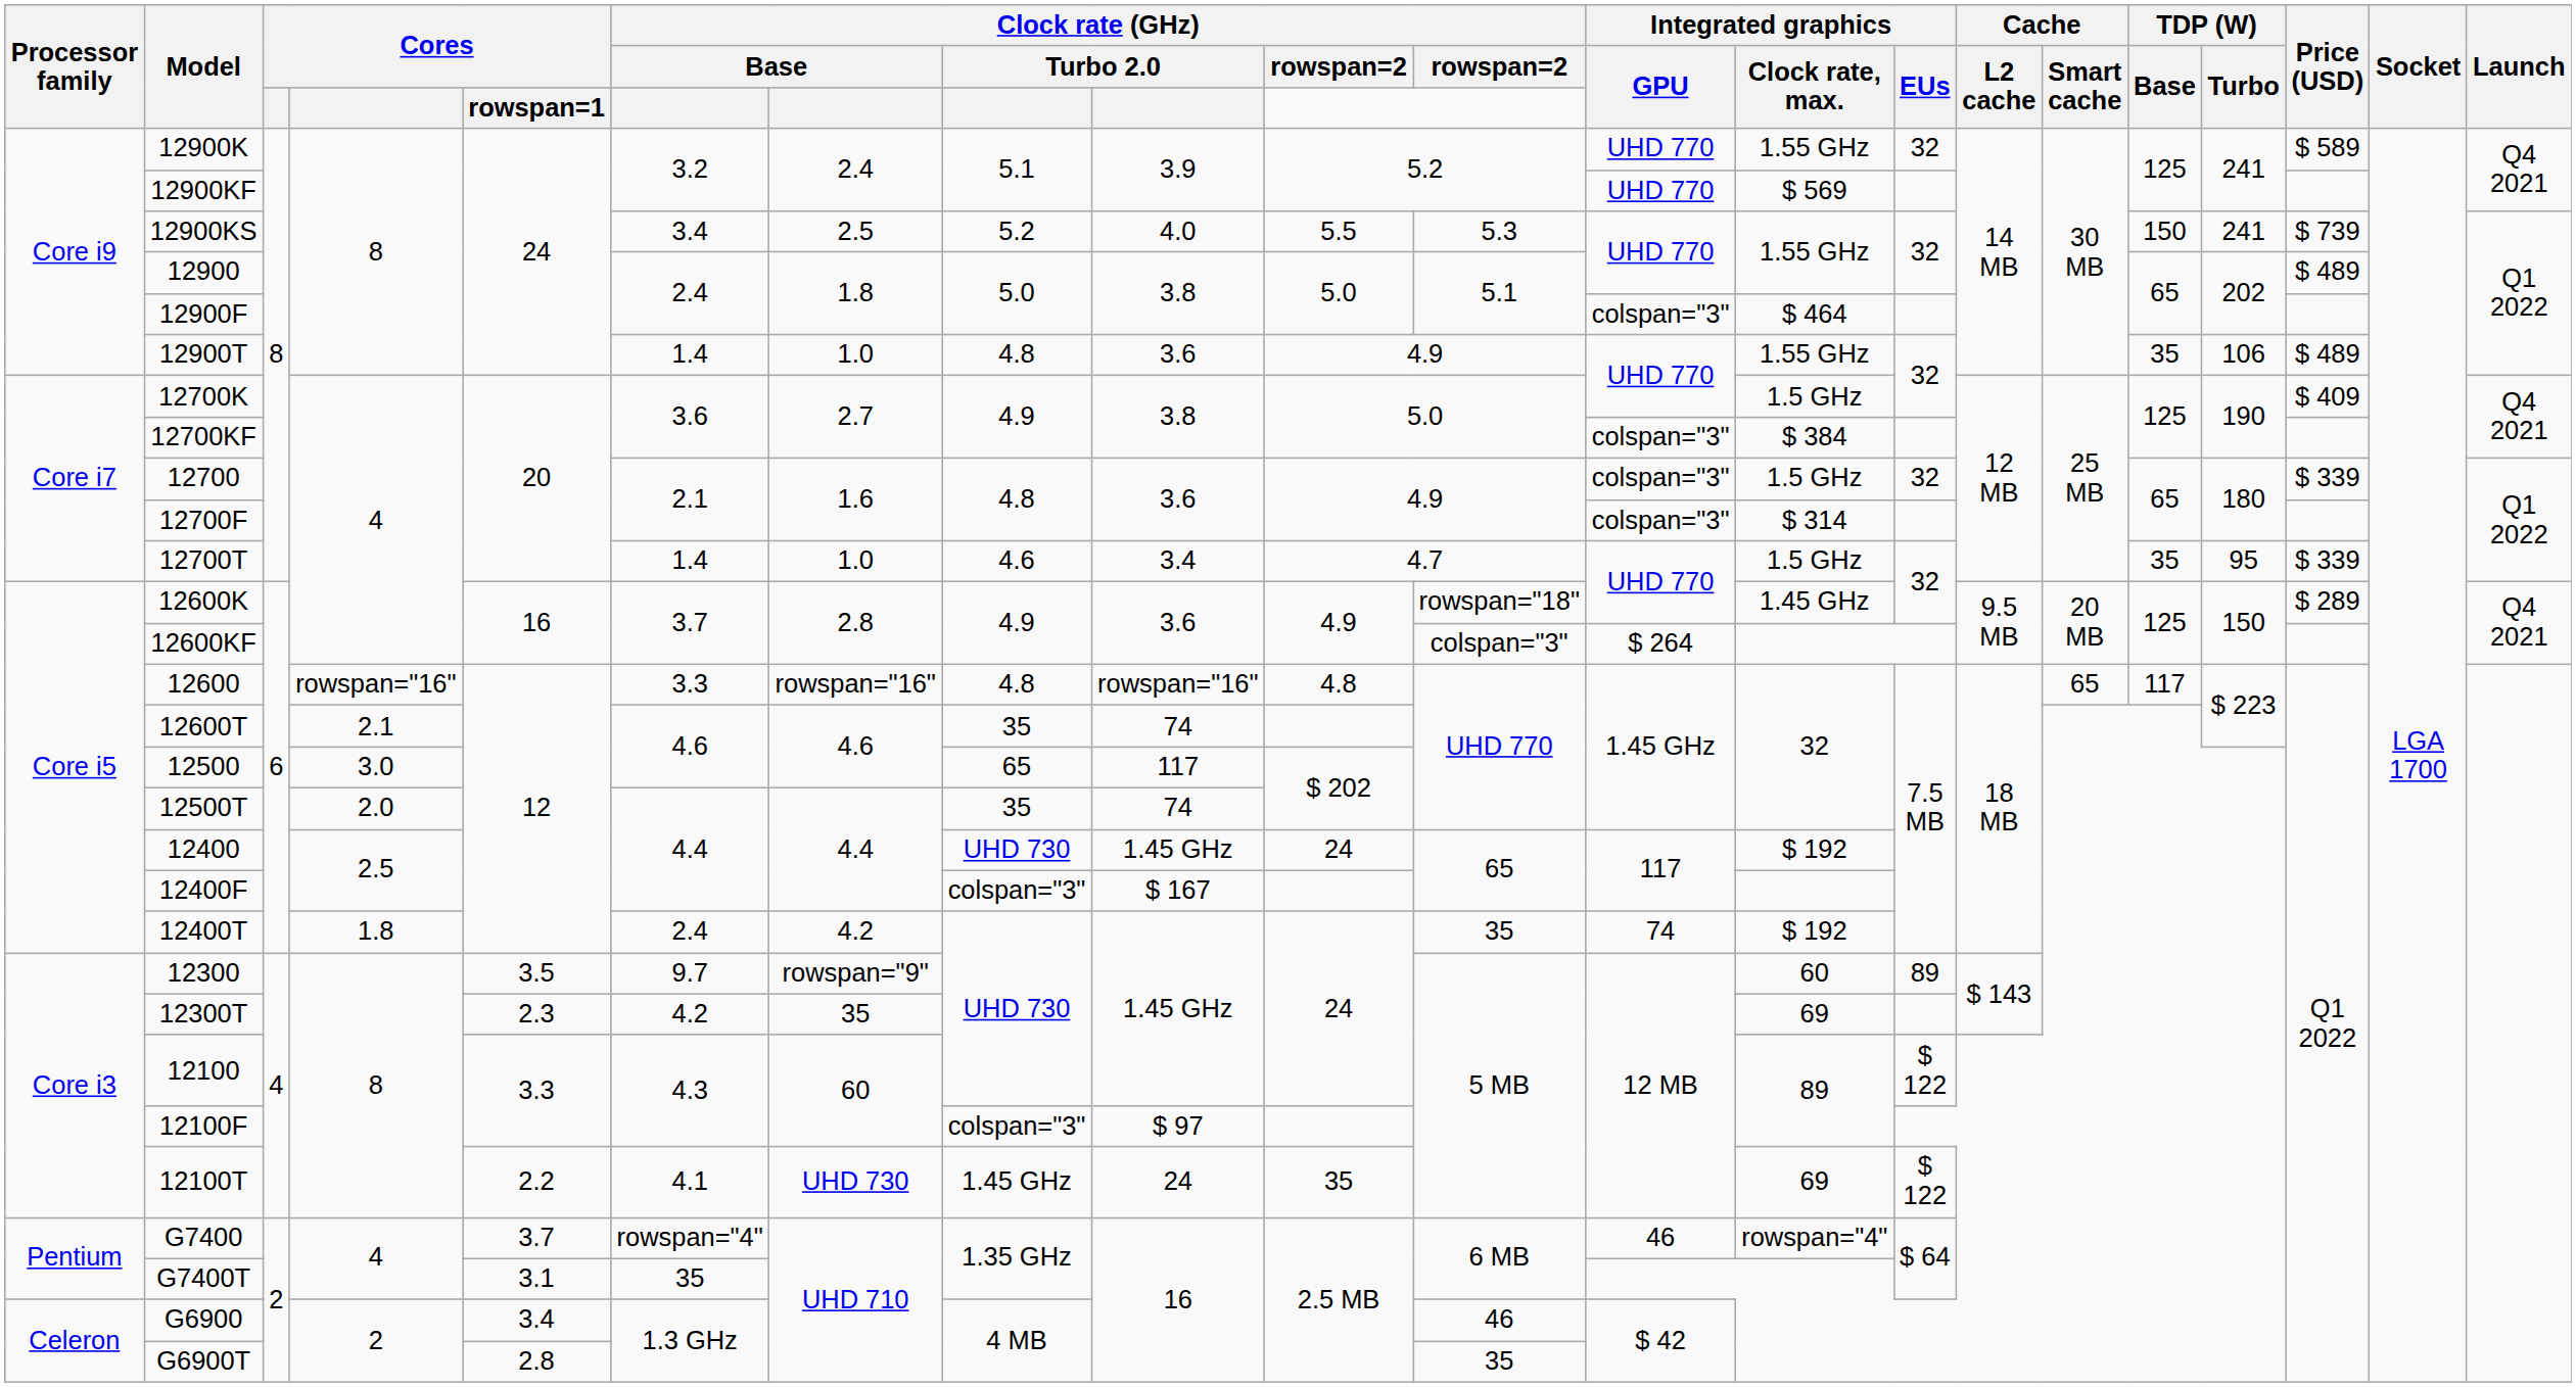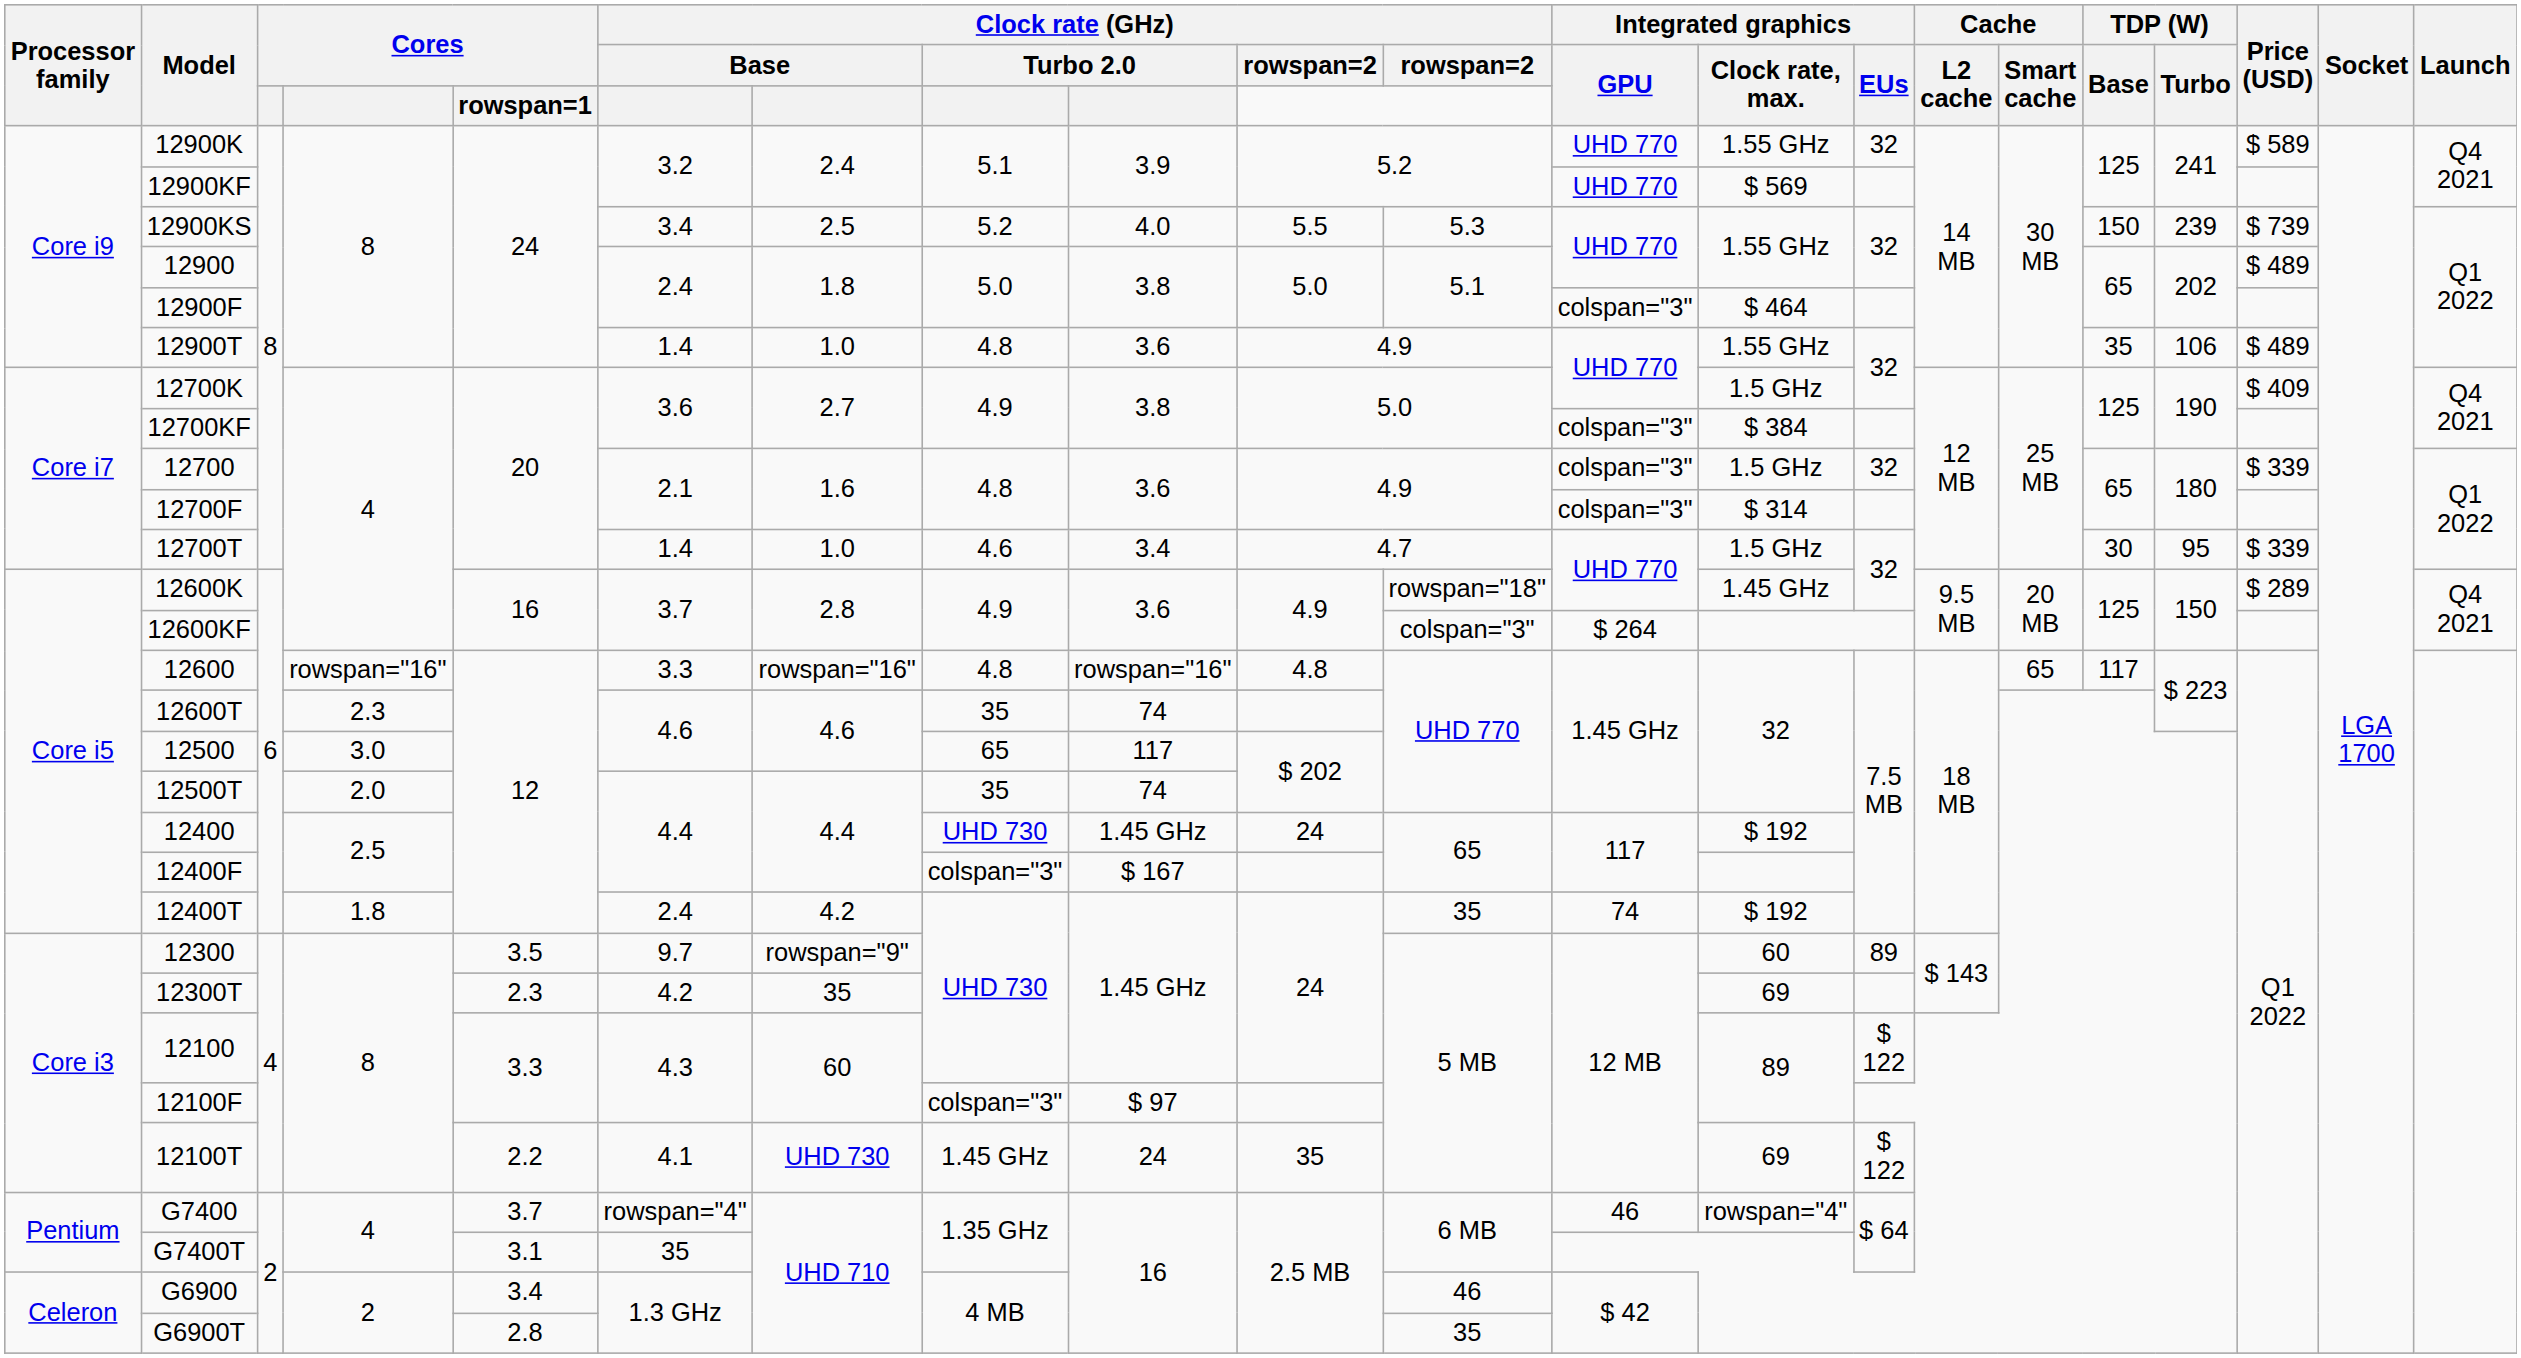 <table class="wikitable sortable sort-under" style="text-align:center;">
 <tr>
 <th rowspan=3>Processor <br>family</th>
 <th rowspan=3>Model</th>
 <th rowspan=2 colspan=3><a href='#'>Cores</a></th>
 <th colspan=6><a href='#'>Clock rate</a> (GHz)</th>
 <th colspan=3>Integrated graphics</th>
 <th colspan=2>Cache</th>
 <th colspan=2>TDP (W)</th>
 <th rowspan=3>Price <br>(USD)</th>
 <th rowspan="3">Socket</th>
 <th rowspan=3>Launch</th>
 </tr>
 <tr>
 <th colspan=2>Base</th>
 <th colspan=2>Turbo 2.0</th>
 <th>rowspan=2 </th>
 <th>rowspan=2 </th>
 <th rowspan=2><a href='#'>GPU</a></th>
 <th rowspan=2>Clock rate, max.</th>
 <th rowspan=2><a href='#'>EUs</a></th>
 <th rowspan=2>L2 cache</th>
 <th rowspan=2>Smart <br>cache</th>
 <th rowspan=2>Base</th>
 <th rowspan=2>Turbo</th>
 </tr>
 <tr>
 <th rowspan=1></th>
 <th rowspan=1></th>
 <th>rowspan=1 </th>
 <th rowspan=1></th>
 <th rowspan=1></th>
 <th rowspan=1></th>
 <th rowspan=1></th>
 </tr>
 <tr>
 <td rowspan="6"><a href='#'>Core i9</a></td>
 <td>12900K</td>
 <td rowspan="11">8</td>
 <td rowspan="6">8</td>
 <td rowspan="6">24</td>
 <td rowspan="2">3.2</td>
 <td rowspan="2">2.4</td>
 <td rowspan="2">5.1</td>
 <td rowspan="2">3.9</td>
 <td colspan="2" rowspan="2">5.2</td>
 <td><a href='#'>UHD 770</a></td>
 <td>1.55 GHz</td>
 <td>32</td>
 <td rowspan="6">14 MB</td>
 <td rowspan="6">30 MB</td>
 <td rowspan="2">125</td>
 <td rowspan="2">241</td>
 <td>$ 589</td>
 <td rowspan="29"><a href='#'>LGA 1700</a></td>
 <td rowspan="2">Q4 2021</td>
 </tr>
 <tr>
 <td>12900KF</td>
 <td><a href='#'>UHD 770</a></td>
 <td>$ 569</td>
 </tr>
 <tr>
 <td>12900KS</td>
 <td>3.4</td>
 <td>2.5</td>
 <td>5.2</td>
 <td>4.0</td>
 <td>5.5</td>
 <td>5.3</td>
 <td rowspan="2"><a href='#'>UHD 770</a></td>
 <td rowspan="2">1.55 GHz</td>
 <td rowspan="2">32</td>
 <td>150</td>
-<td>241</td>
+<td>239</td>
 <td>$ 739</td>
 <td rowspan="4">Q1 2022</td>
 </tr>
 <tr>
 <td>12900</td>
 <td rowspan="2">2.4</td>
 <td rowspan="2">1.8</td>
 <td rowspan="2">5.0</td>
 <td rowspan="2">3.8</td>
 <td rowspan="2">5.0</td>
 <td rowspan="2">5.1</td>
 <td rowspan="2">65</td>
 <td rowspan="2">202</td>
 <td>$ 489</td>
 </tr>
 <tr>
 <td>12900F</td>
 <td>colspan="3" </td>
 <td>$ 464</td>
 </tr>
 <tr>
 <td>12900T</td>
 <td>1.4</td>
 <td>1.0</td>
 <td>4.8</td>
 <td>3.6</td>
 <td colspan="2">4.9</td>
 <td rowspan="2"><a href='#'>UHD 770</a></td>
 <td>1.55 GHz</td>
 <td rowspan="2">32</td>
 <td>35</td>
 <td>106</td>
 <td>$ 489</td>
 </tr>
 <tr>
 <td rowspan="5"><a href='#'>Core i7</a></td>
 <td>12700K</td>
 <td rowspan="7">4</td>
 <td rowspan="5">20</td>
 <td rowspan="2">3.6</td>
 <td rowspan="2">2.7</td>
 <td rowspan="2">4.9</td>
 <td rowspan="2">3.8</td>
 <td colspan="2" rowspan="2">5.0</td>
 <td>1.5 GHz</td>
 <td rowspan="5">12 MB</td>
 <td rowspan="5">25 MB</td>
 <td rowspan="2">125</td>
 <td rowspan="2">190</td>
 <td>$ 409</td>
 <td rowspan="2">Q4 2021</td>
 </tr>
 <tr>
 <td>12700KF</td>
 <td>colspan="3" </td>
 <td>$ 384</td>
 </tr>
 <tr>
 <td>12700</td>
 <td rowspan="2">2.1</td>
 <td rowspan="2">1.6</td>
 <td rowspan="2">4.8</td>
 <td rowspan="2">3.6</td>
 <td colspan="2" rowspan="2">4.9</td>
 <td>colspan="3" </td>
 <td>1.5 GHz</td>
 <td>32</td>
 <td rowspan="2">65</td>
 <td rowspan="2">180</td>
 <td>$ 339</td>
 <td rowspan="3">Q1 2022</td>
 </tr>
 <tr>
 <td>12700F</td>
 <td>colspan="3" </td>
 <td>$ 314</td>
 </tr>
 <tr>
 <td>12700T</td>
 <td>1.4</td>
 <td>1.0</td>
 <td>4.6</td>
 <td>3.4</td>
 <td colspan="2">4.7</td>
 <td rowspan="2"><a href='#'>UHD 770</a></td>
 <td>1.5 GHz</td>
 <td rowspan="2">32</td>
-<td>35</td>
+<td>30</td>
 <td>95</td>
 <td>$ 339</td>
 </tr>
 <tr>
 <td rowspan="9"><a href='#'>Core i5</a></td>
 <td>12600K</td>
 <td rowspan="9">6</td>
 <td rowspan="2">16</td>
 <td rowspan="2">3.7</td>
 <td rowspan="2">2.8</td>
 <td rowspan="2">4.9</td>
 <td rowspan="2">3.6</td>
 <td rowspan="2">4.9</td>
 <td>rowspan="18" </td>
 <td>1.45 GHz</td>
 <td rowspan="2">9.5 MB</td>
 <td rowspan="2">20 MB</td>
 <td rowspan="2">125</td>
 <td rowspan="2">150</td>
 <td>$ 289</td>
 <td rowspan="2">Q4 2021</td>
 </tr>
 <tr>
 <td>12600KF</td>
 <td>colspan="3" </td>
 <td>$ 264</td>
 </tr>
 <tr>
 <td>12600</td>
 <td>rowspan="16" </td>
 <td rowspan="7">12</td>
 <td>3.3</td>
 <td>rowspan="16" </td>
 <td>4.8</td>
 <td>rowspan="16" </td>
 <td>4.8</td>
 <td rowspan="4"><a href='#'>UHD 770</a></td>
 <td rowspan="4">1.45 GHz</td>
 <td rowspan="4">32</td>
 <td rowspan="7">7.5 MB</td>
 <td rowspan="7">18 MB</td>
 <td>65</td>
 <td>117</td>
 <td rowspan="2">$ 223</td>
 <td rowspan="16">Q1 2022</td>
 </tr>
 <tr>
 <td>12600T</td>
-<td>2.1</td>
+<td>2.3</td>
 <td rowspan="2">4.6</td>
 <td rowspan="2">4.6</td>
 <td>35</td>
 <td>74</td>
 </tr>
 <tr>
 <td>12500</td>
 <td>3.0</td>
 <td>65</td>
 <td>117</td>
 <td rowspan="2">$ 202</td>
 </tr>
 <tr>
 <td>12500T</td>
 <td>2.0</td>
 <td rowspan="3">4.4</td>
 <td rowspan="3">4.4</td>
 <td>35</td>
 <td>74</td>
 </tr>
 <tr>
 <td>12400</td>
 <td rowspan="2">2.5</td>
 <td><a href='#'>UHD 730</a></td>
 <td>1.45 GHz</td>
 <td>24</td>
 <td rowspan="2">65</td>
 <td rowspan="2">117</td>
 <td>$ 192</td>
 </tr>
 <tr>
 <td>12400F</td>
 <td>colspan="3" </td>
 <td>$ 167</td>
 </tr>
 <tr>
 <td>12400T</td>
 <td>1.8</td>
 <td>2.4</td>
 <td>4.2</td>
 <td rowspan="4"><a href='#'>UHD 730</a></td>
 <td rowspan="4">1.45 GHz</td>
 <td rowspan="4">24</td>
 <td>35</td>
 <td>74</td>
 <td>$ 192</td>
 </tr>
 <tr>
 <td rowspan="5"><a href='#'>Core i3</a></td>
 <td>12300</td>
 <td rowspan="5">4</td>
 <td rowspan="5">8</td>
 <td>3.5</td>
 <td>9.7</td>
 <td>rowspan="9" </td>
 <td rowspan="5">5 MB</td>
 <td rowspan="5">12 MB</td>
 <td>60</td>
 <td>89</td>
 <td rowspan="2">$ 143</td>
 </tr>
 <tr>
 <td>12300T</td>
 <td>2.3</td>
 <td>4.2</td>
 <td>35</td>
 <td>69</td>
 </tr>
 <tr>
 <td>12100</td>
 <td rowspan="2">3.3</td>
 <td rowspan="2">4.3</td>
 <td rowspan="2">60</td>
 <td rowspan="2">89</td>
 <td>$ 122</td>
 </tr>
 <tr>
 <td>12100F</td>
 <td>colspan="3" </td>
 <td>$ 97</td>
 </tr>
 <tr>
 <td>12100T</td>
 <td>2.2</td>
 <td>4.1</td>
 <td><a href='#'>UHD 730</a></td>
 <td>1.45 GHz</td>
 <td>24</td>
 <td>35</td>
 <td>69</td>
 <td>$ 122</td>
 </tr>
 <tr>
 <td rowspan="2"><a href='#'>Pentium</a></td>
 <td>G7400</td>
 <td rowspan="4">2</td>
 <td rowspan="2">4</td>
 <td>3.7</td>
 <td>rowspan="4" </td>
 <td rowspan="4"><a href='#'>UHD 710</a></td>
 <td rowspan="2">1.35 GHz</td>
 <td rowspan="4">16</td>
 <td rowspan="4">2.5 MB</td>
 <td rowspan="2">6 MB</td>
 <td>46</td>
 <td>rowspan="4" </td>
 <td rowspan="2">$ 64</td>
 </tr>
 <tr>
 <td>G7400T</td>
 <td>3.1</td>
 <td>35</td>
 </tr>
 <tr>
 <td rowspan="2"><a href='#'>Celeron</a></td>
 <td>G6900</td>
 <td rowspan="2">2</td>
 <td>3.4</td>
 <td rowspan="2">1.3 GHz</td>
 <td rowspan="2">4 MB</td>
 <td>46</td>
 <td rowspan="2">$ 42</td>
 </tr>
 <tr>
 <td>G6900T</td>
 <td>2.8</td>
 <td>35</td>
 </tr>
 </table>
